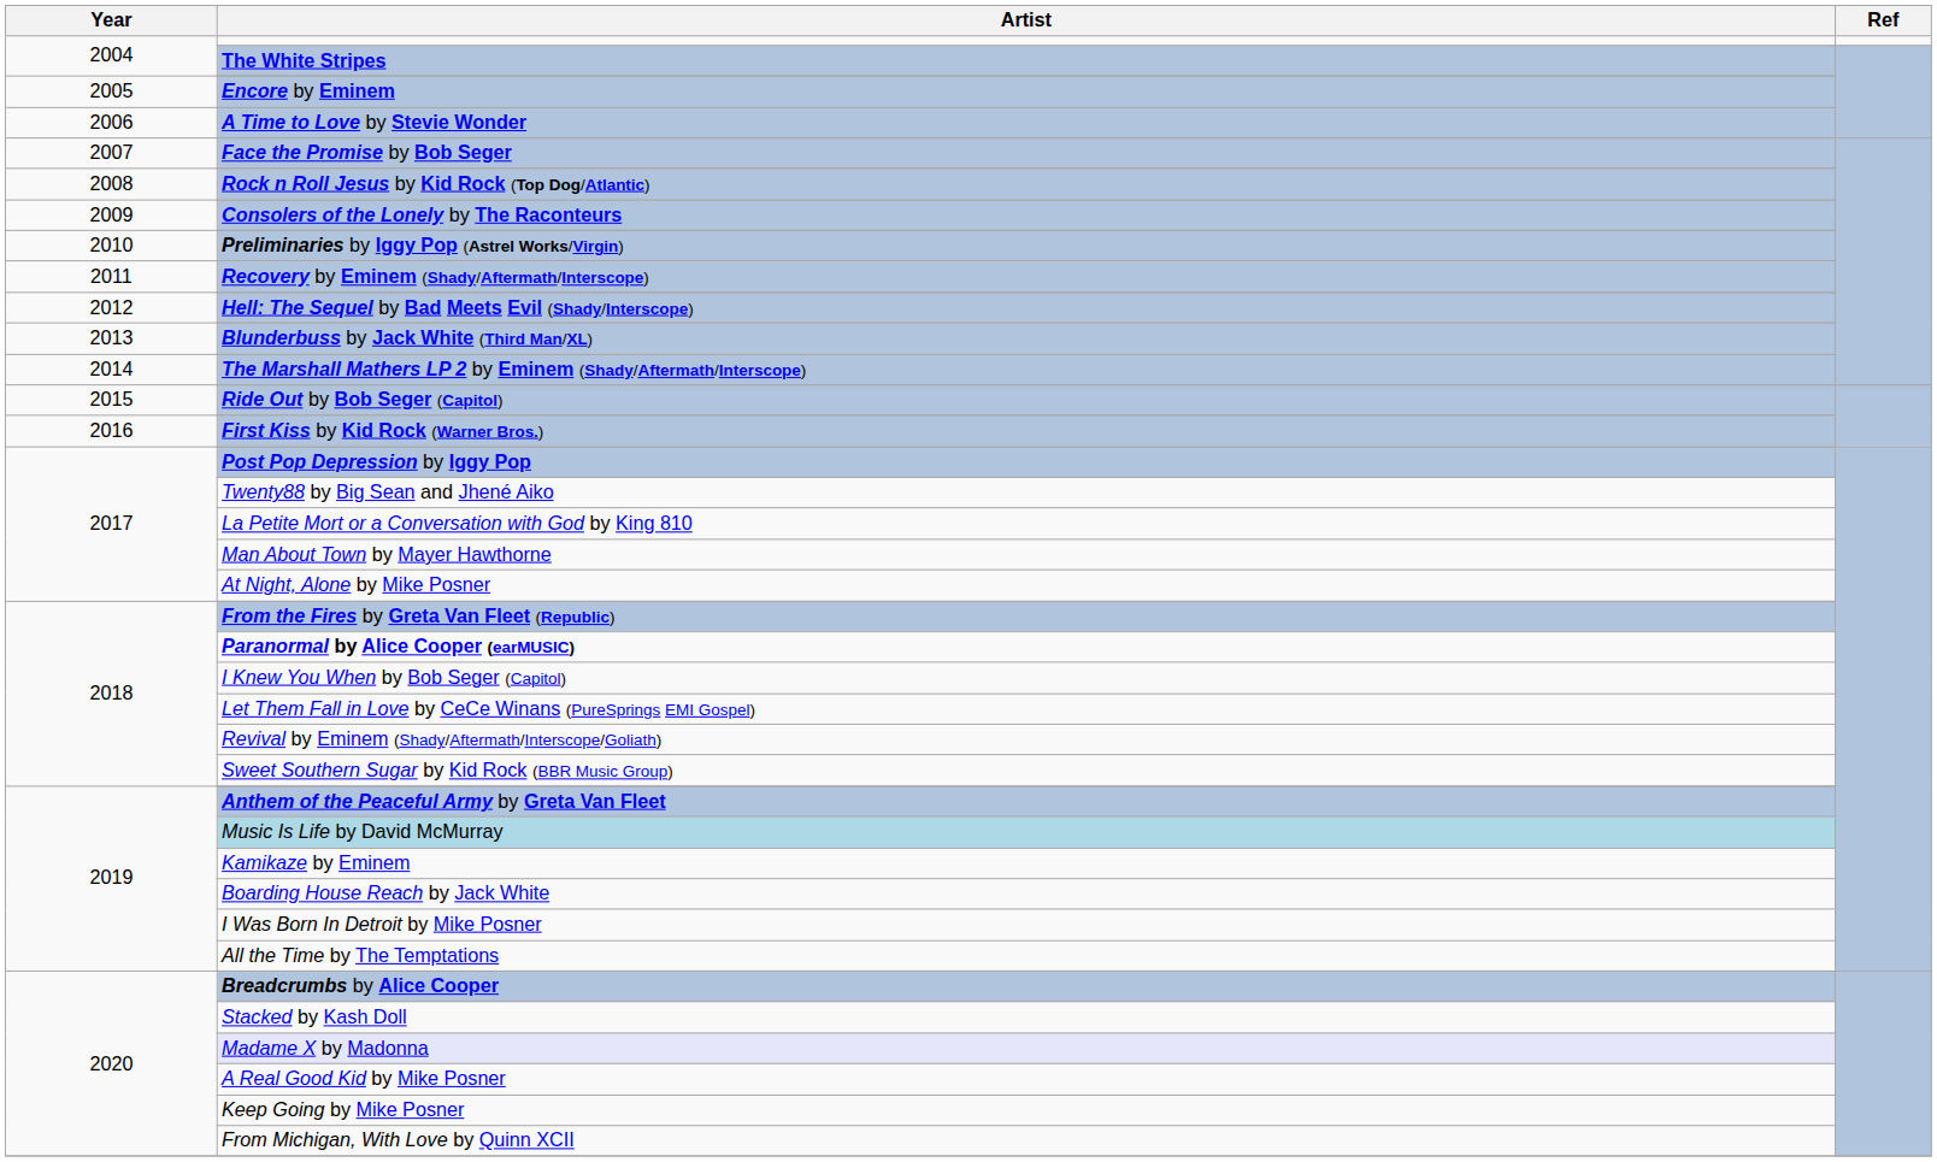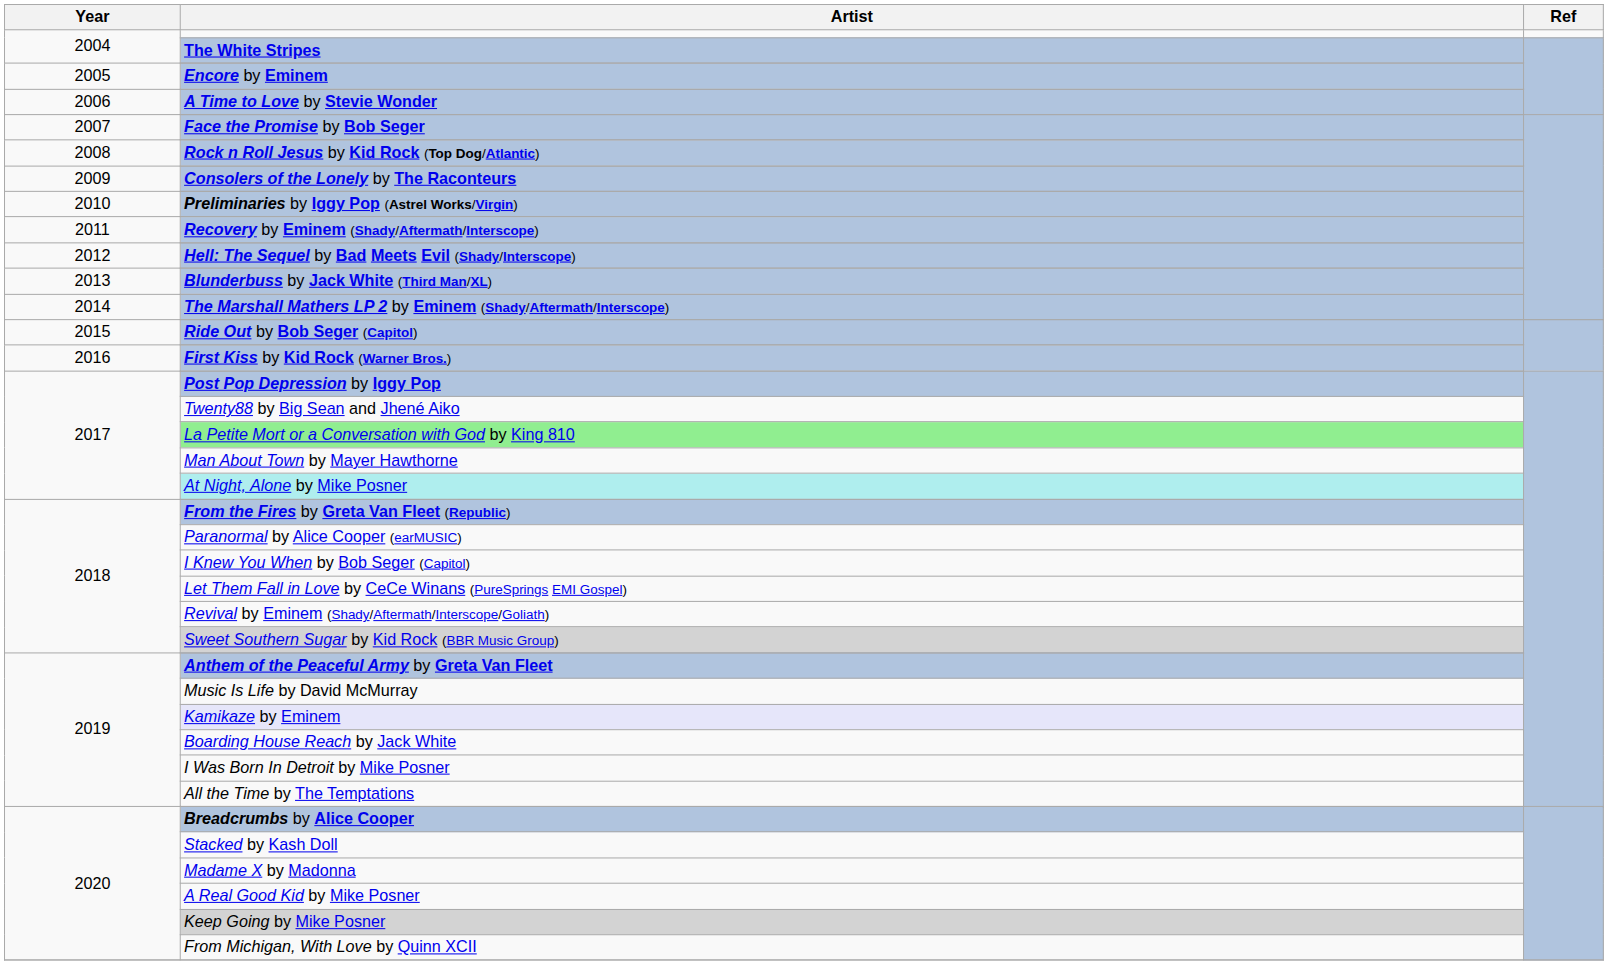 <table class="wikitable" style="width:100%;">
 <tr>
 <th style="width:11%;">Year</th>
 <th style="width:84%;">Artist</th>
 <th style="width:5%;">Ref</th>
 </tr>
 <tr>
 <td rowspan="2" align="center">2004</td>
 <td></td>
 <td></td>
 </tr>
 <tr style="background:#B0C4DE">
 <td><strong><a href='#'>The White Stripes</a></strong></td>
 <td rowspan="6"></td>
 </tr>
 <tr>
 <td rowspan="2" align="center">2005</td>
 </tr>
 <tr style="background:#B0C4DE">
 <td><strong><em><a href='#'>Encore</a></em></strong> by <strong><a href='#'>Eminem</a></strong></td>
 </tr>
 <tr>
 <td rowspan="2" align="center">2006</td>
 </tr>
 <tr style="background:#B0C4DE">
 <td><strong><em><a href='#'>A Time to Love</a></em></strong> by <strong><a href='#'>Stevie Wonder</a></strong></td>
 </tr>
 <tr>
 <td rowspan="2" align="center">2007</td>
 </tr>
 <tr style="background:#B0C4DE">
 <td><strong><em><a href='#'>Face the Promise</a></em></strong> by <strong><a href='#'>Bob Seger</a></strong></td>
 <td rowspan="15" align="center"></td>
 </tr>
 <tr>
 <td rowspan="2" align="center">2008</td>
 </tr>
 <tr style="background:#B0C4DE">
 <td><strong><em><a href='#'>Rock n Roll Jesus</a></em></strong> by <strong><a href='#'>Kid Rock</a></strong> <small>(<strong>Top Dog</strong>/<strong><a href='#'>Atlantic</a></strong>)</small></td>
 </tr>
 <tr>
 <td rowspan="2" align="center">2009</td>
 </tr>
 <tr style="background:#B0C4DE">
 <td><strong><em><a href='#'>Consolers of the Lonely</a></em></strong> by <strong><a href='#'>The Raconteurs</a></strong></td>
 </tr>
 <tr>
 <td rowspan="2" align="center">2010</td>
 </tr>
 <tr style="background:#B0C4DE">
 <td><strong><em>Preliminaries</em></strong> by <strong><a href='#'>Iggy Pop</a></strong> <small>(<strong>Astrel Works</strong>/<strong><a href='#'>Virgin</a></strong>)</small></td>
 </tr>
 <tr>
 <td rowspan="2" align="center">2011</td>
 </tr>
 <tr style="background:#B0C4DE">
 <td><strong><em><a href='#'>Recovery</a></em></strong> by <strong><a href='#'>Eminem</a></strong> <small>(<strong><a href='#'>Shady</a></strong>/<strong><a href='#'>Aftermath</a></strong>/<strong><a href='#'>Interscope</a></strong>)</small></td>
 </tr>
 <tr>
 <td rowspan="2" align="center">2012</td>
 </tr>
 <tr style="background:#B0C4DE">
 <td><strong><em><a href='#'>Hell: The Sequel</a></em></strong> by <strong><a href='#'>Bad</a> <a href='#'>Meets</a> <a href='#'>Evil</a></strong> <small>(<strong><a href='#'>Shady</a></strong>/<strong><a href='#'>Interscope</a></strong>)</small></td>
 </tr>
 <tr>
 <td rowspan="2" align="center">2013</td>
 </tr>
 <tr style="background:#B0C4DE">
 <td><strong><em><a href='#'>Blunderbuss</a></em></strong> by <strong><a href='#'>Jack White</a></strong> <small>(<strong><a href='#'>Third Man</a></strong>/<strong><a href='#'>XL</a></strong>)</small></td>
 </tr>
 <tr>
 <td rowspan="2" align="center">2014</td>
 </tr>
 <tr style="background:#B0C4DE">
 <td><strong><em><a href='#'>The Marshall Mathers LP 2</a></em></strong> by <strong><a href='#'>Eminem</a></strong> <small>(<strong><a href='#'>Shady</a></strong>/<strong><a href='#'>Aftermath</a></strong>/<strong><a href='#'>Interscope</a></strong>)</small></td>
 </tr>
 <tr>
 <td rowspan="2" align="center">2015</td>
 </tr>
 <tr style="background:#B0C4DE">
 <td><strong><em><a href='#'>Ride Out</a></em></strong> by <strong><a href='#'>Bob Seger</a></strong> <small>(<strong><a href='#'>Capitol</a></strong>)</small></td>
 <td rowspan="4" align="center"></td>
 </tr>
 <tr>
 <td rowspan="2" align="center">2016</td>
 </tr>
 <tr style="background:#B0C4DE">
 <td><strong><em><a href='#'>First Kiss</a></em></strong> by <strong><a href='#'>Kid Rock</a></strong> <small>(<strong><a href='#'>Warner Bros.</a></strong>)</small></td>
 </tr>
 <tr>
 <td rowspan="6" align="center">2017</td>
 </tr>
 <tr style="background:#B0C4DE">
 <td><strong><em><a href='#'>Post Pop Depression</a></em></strong> by <strong><a href='#'>Iggy Pop</a></strong></td>
 <td rowspan="20" align="center"></td>
 </tr>
 <tr>
 <td><em><a href='#'>Twenty88</a></em> by <a href='#'>Big Sean</a> and <a href='#'>Jhené Aiko</a></td>
 </tr>
 <tr>
-<td><em><a href='#'>La Petite Mort or a Conversation with God</a></em> by <a href='#'>King 810</a></td>
+<td style="background: lightgreen;"><em><a href='#'>La Petite Mort or a Conversation with God</a></em> by <a href='#'>King 810</a></td>
 </tr>
 <tr>
 <td><em><a href='#'>Man About Town</a></em> by <a href='#'>Mayer Hawthorne</a></td>
 </tr>
 <tr>
-<td><em><a href='#'>At Night, Alone</a></em> by <a href='#'>Mike Posner</a></td>
+<td style="background: paleturquoise;"><em><a href='#'>At Night, Alone</a></em> by <a href='#'>Mike Posner</a></td>
 </tr>
 <tr>
 <td rowspan="7" align="center">2018</td>
 </tr>
 <tr style="background:#B0C4DE">
 <td><strong><em><a href='#'>From the Fires</a></em></strong> by <strong><a href='#'>Greta Van Fleet</a></strong> <small>(<strong><a href='#'>Republic</a></strong>)</small></td>
 </tr>
 <tr>
-<td><strong><em><a href='#'>Paranormal</a></em> by <a href='#'>Alice Cooper</a> <small>(<a href='#'>earMUSIC</a>)</small></strong></td>
+<td><em><a href='#'>Paranormal</a></em> by <a href='#'>Alice Cooper</a> <small>(<a href='#'>earMUSIC</a>)</small></td>
 </tr>
 <tr>
 <td><em><a href='#'>I Knew You When</a></em> by <a href='#'>Bob Seger</a> <small>(<a href='#'>Capitol</a>)</small></td>
 </tr>
 <tr>
 <td><em><a href='#'>Let Them Fall in Love</a></em> by <a href='#'>CeCe Winans</a> <small>(<a href='#'>PureSprings</a> <a href='#'>EMI Gospel</a>)</small></td>
 </tr>
 <tr>
 <td><em><a href='#'>Revival</a></em> by <a href='#'>Eminem</a> <small>(<a href='#'>Shady</a>/<a href='#'>Aftermath</a>/<a href='#'>Interscope</a>/<a href='#'>Goliath</a>)</small></td>
 </tr>
 <tr>
-<td><em><a href='#'>Sweet Southern Sugar</a></em> by <a href='#'>Kid Rock</a> <small>(<a href='#'>BBR Music Group</a>)</small></td>
+<td style="background: lightgrey;"><em><a href='#'>Sweet Southern Sugar</a></em> by <a href='#'>Kid Rock</a> <small>(<a href='#'>BBR Music Group</a>)</small></td>
 </tr>
 <tr>
 <td rowspan="7" align="center">2019</td>
 </tr>
 <tr style="background:#B0C4DE">
 <td><strong><em><a href='#'>Anthem of the Peaceful Army</a></em></strong> by <strong><a href='#'>Greta Van Fleet</a></strong></td>
 </tr>
 <tr>
-<td style="background: lightblue;"><em>Music Is Life</em> by David McMurray</td>
+<td><em>Music Is Life</em> by David McMurray</td>
 </tr>
 <tr>
-<td><em><a href='#'>Kamikaze</a></em> by <a href='#'>Eminem</a></td>
+<td style="background: lavender;"><em><a href='#'>Kamikaze</a></em> by <a href='#'>Eminem</a></td>
 </tr>
 <tr>
 <td><em><a href='#'>Boarding House Reach</a></em> by <a href='#'>Jack White</a></td>
 </tr>
 <tr>
 <td><em>I Was Born In Detroit</em> by <a href='#'>Mike Posner</a></td>
 </tr>
 <tr>
 <td><em>All the Time</em> by <a href='#'>The Temptations</a></td>
 </tr>
 <tr>
 <td rowspan="7" align="center">2020</td>
 </tr>
 <tr style="background:#B0C4DE">
 <td><strong><em>Breadcrumbs</em></strong> by <strong><a href='#'>Alice Cooper</a></strong></td>
 <td rowspan="6" align="center"></td>
 </tr>
 <tr>
 <td><em><a href='#'>Stacked</a></em> by <a href='#'>Kash Doll</a></td>
 </tr>
 <tr>
-<td style="background: lavender;"><em><a href='#'>Madame X</a></em> by <a href='#'>Madonna</a></td>
+<td><em><a href='#'>Madame X</a></em> by <a href='#'>Madonna</a></td>
 </tr>
 <tr>
 <td><em><a href='#'>A Real Good Kid</a></em> by <a href='#'>Mike Posner</a></td>
 </tr>
 <tr>
-<td><em>Keep Going</em> by <a href='#'>Mike Posner</a></td>
+<td style="background: lightgrey;"><em>Keep Going</em> by <a href='#'>Mike Posner</a></td>
 </tr>
 <tr>
 <td><em>From Michigan, With Love</em> by <a href='#'>Quinn XCII</a></td>
 </tr>
 <tr>
 </tr>
 </table>
